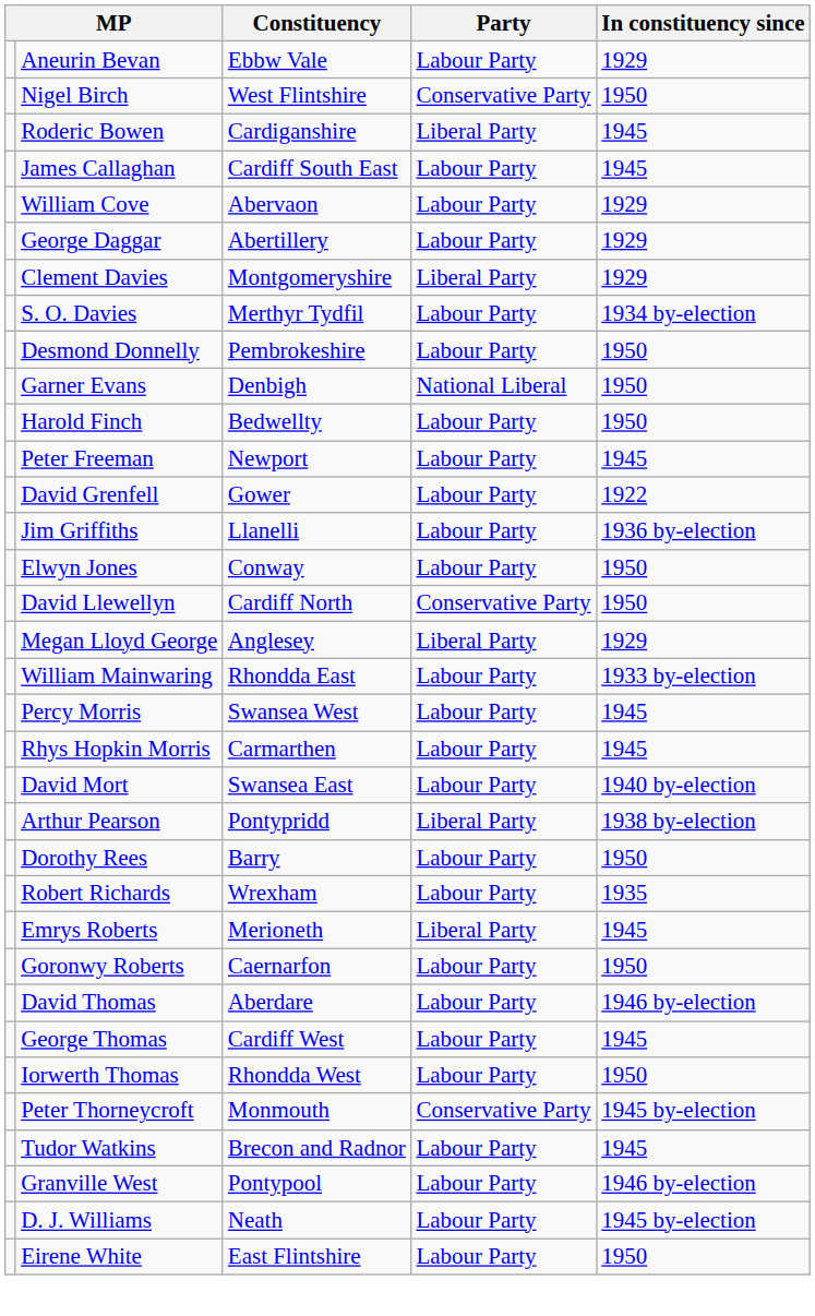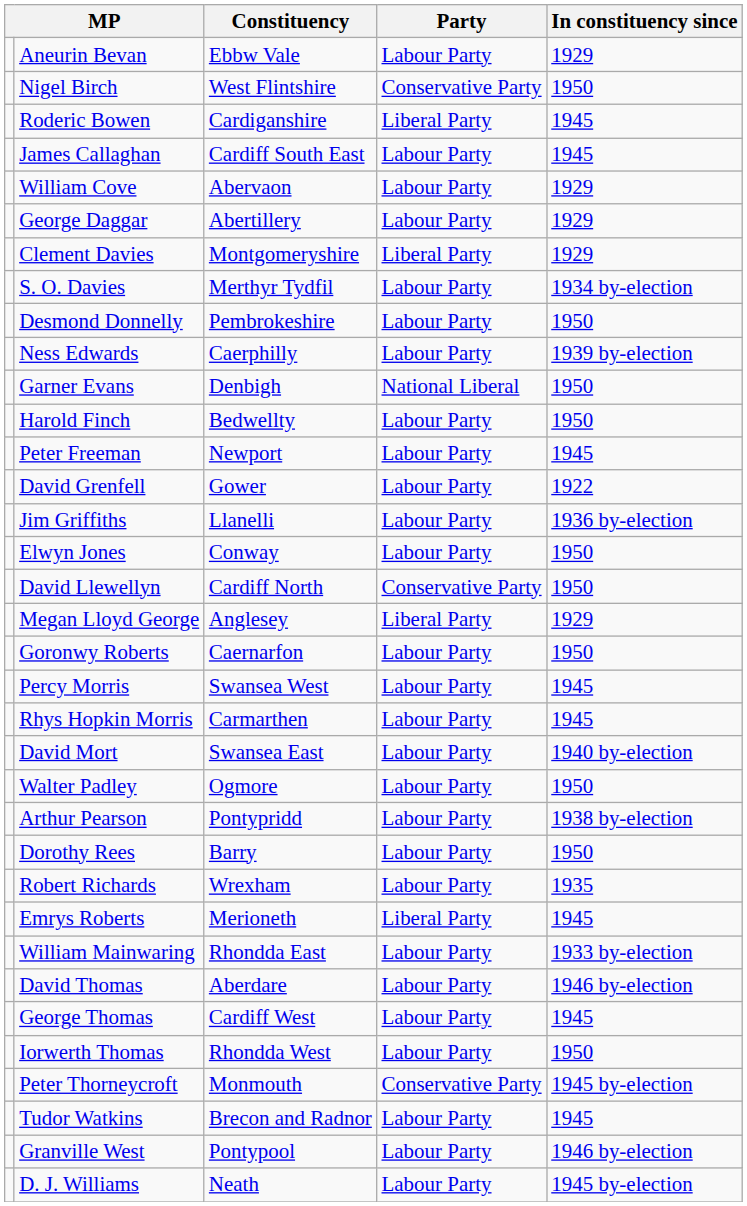 <table class="wikitable sortable">
 <tr>
 <th colspan="2">MP</th>
 <th>Constituency</th>
 <th>Party</th>
 <th>In constituency since</th>
 </tr>
 <tr>
 <td style="color:inherit;background-color: "></td>
 <td><a href='#'>Aneurin Bevan</a></td>
 <td><a href='#'>Ebbw Vale</a></td>
 <td><a href='#'>Labour Party</a></td>
 <td><a href='#'>1929</a></td>
 </tr>
 <tr>
 <td style="color:inherit;background-color: "></td>
 <td><a href='#'>Nigel Birch</a></td>
 <td><a href='#'>West Flintshire</a></td>
 <td><a href='#'>Conservative Party</a></td>
 <td><a href='#'>1950</a></td>
 </tr>
 <tr>
 <td style="color:inherit;background-color: "></td>
 <td><a href='#'>Roderic Bowen</a></td>
 <td><a href='#'>Cardiganshire</a></td>
 <td><a href='#'>Liberal Party</a></td>
 <td><a href='#'>1945</a></td>
 </tr>
 <tr>
 <td style="color:inherit;background-color: "></td>
 <td><a href='#'>James Callaghan</a></td>
 <td><a href='#'>Cardiff South East</a></td>
 <td><a href='#'>Labour Party</a></td>
 <td><a href='#'>1945</a></td>
 </tr>
 <tr>
 <td style="color:inherit;background-color: "></td>
 <td><a href='#'>William Cove</a></td>
 <td><a href='#'>Abervaon</a></td>
 <td><a href='#'>Labour Party</a></td>
 <td><a href='#'>1929</a></td>
 </tr>
 <tr>
 <td style="color:inherit;background-color: "></td>
 <td><a href='#'>George Daggar</a></td>
 <td><a href='#'>Abertillery</a></td>
 <td><a href='#'>Labour Party</a></td>
 <td><a href='#'>1929</a></td>
 </tr>
 <tr>
 <td style="color:inherit;background-color: "></td>
 <td><a href='#'>Clement Davies</a></td>
 <td><a href='#'>Montgomeryshire</a></td>
 <td><a href='#'>Liberal Party</a></td>
 <td><a href='#'>1929</a></td>
 </tr>
 <tr>
 <td style="color:inherit;background-color: "></td>
 <td><a href='#'>S. O. Davies</a></td>
 <td><a href='#'>Merthyr Tydfil</a></td>
 <td><a href='#'>Labour Party</a></td>
 <td><a href='#'>1934 by-election</a></td>
 </tr>
 <tr>
 <td style="color:inherit;background-color: "></td>
 <td><a href='#'>Desmond Donnelly</a></td>
 <td><a href='#'>Pembrokeshire</a></td>
 <td><a href='#'>Labour Party</a></td>
 <td><a href='#'>1950</a></td>
 </tr>
 <tr>
 <td style="color:inherit;background-color: "></td>
+<td><a href='#'>Ness Edwards</a></td>
+<td><a href='#'>Caerphilly</a></td>
+<td><a href='#'>Labour Party</a></td>
+<td><a href='#'>1939 by-election</a></td>
+</tr>
+<tr>
+<td style="color:inherit;background-color: "></td>
 <td><a href='#'>Garner Evans</a></td>
 <td><a href='#'>Denbigh</a></td>
 <td><a href='#'>National Liberal</a></td>
 <td><a href='#'>1950</a></td>
 </tr>
 <tr>
 <td style="color:inherit;background-color: "></td>
 <td><a href='#'>Harold Finch</a></td>
 <td><a href='#'>Bedwellty</a></td>
 <td><a href='#'>Labour Party</a></td>
 <td><a href='#'>1950</a></td>
 </tr>
 <tr>
 <td style="color:inherit;background-color: "></td>
 <td><a href='#'>Peter Freeman</a></td>
 <td><a href='#'>Newport</a></td>
 <td><a href='#'>Labour Party</a></td>
 <td><a href='#'>1945</a></td>
 </tr>
 <tr>
 <td style="color:inherit;background-color: "></td>
 <td><a href='#'>David Grenfell</a></td>
 <td><a href='#'>Gower</a></td>
 <td><a href='#'>Labour Party</a></td>
 <td><a href='#'>1922</a></td>
 </tr>
 <tr>
 <td style="color:inherit;background-color: "></td>
 <td><a href='#'>Jim Griffiths</a></td>
 <td><a href='#'>Llanelli</a></td>
 <td><a href='#'>Labour Party</a></td>
 <td><a href='#'>1936 by-election</a></td>
 </tr>
 <tr>
 <td style="color:inherit;background-color: "></td>
 <td><a href='#'>Elwyn Jones</a></td>
 <td><a href='#'>Conway</a></td>
 <td><a href='#'>Labour Party</a></td>
 <td><a href='#'>1950</a></td>
 </tr>
 <tr>
 <td style="color:inherit;background-color: "></td>
 <td><a href='#'>David Llewellyn</a></td>
 <td><a href='#'>Cardiff North</a></td>
 <td><a href='#'>Conservative Party</a></td>
 <td><a href='#'>1950</a></td>
 </tr>
 <tr>
 <td style="color:inherit;background-color: "></td>
 <td><a href='#'>Megan Lloyd George</a></td>
 <td><a href='#'>Anglesey</a></td>
 <td><a href='#'>Liberal Party</a></td>
 <td><a href='#'>1929</a></td>
 </tr>
 <tr>
 <td style="color:inherit;background-color: "></td>
-<td><a href='#'>William Mainwaring</a></td>
-<td><a href='#'>Rhondda East</a></td>
+<td><a href='#'>Goronwy Roberts</a></td>
+<td><a href='#'>Caernarfon</a></td>
 <td><a href='#'>Labour Party</a></td>
-<td><a href='#'>1933 by-election</a></td>
+<td><a href='#'>1950</a></td>
 </tr>
 <tr>
 <td style="color:inherit;background-color: "></td>
 <td><a href='#'>Percy Morris</a></td>
 <td><a href='#'>Swansea West</a></td>
 <td><a href='#'>Labour Party</a></td>
 <td><a href='#'>1945</a></td>
 </tr>
 <tr>
 <td style="color:inherit;background-color: "></td>
 <td><a href='#'>Rhys Hopkin Morris</a></td>
 <td><a href='#'>Carmarthen</a></td>
 <td><a href='#'>Labour Party</a></td>
 <td><a href='#'>1945</a></td>
 </tr>
 <tr>
 <td style="color:inherit;background-color: "></td>
 <td><a href='#'>David Mort</a></td>
 <td><a href='#'>Swansea East</a></td>
 <td><a href='#'>Labour Party</a></td>
 <td><a href='#'>1940 by-election</a></td>
 </tr>
 <tr>
 <td style="color:inherit;background-color: "></td>
+<td><a href='#'>Walter Padley</a></td>
+<td><a href='#'>Ogmore</a></td>
+<td><a href='#'>Labour Party</a></td>
+<td><a href='#'>1950</a></td>
+</tr>
+<tr>
+<td style="color:inherit;background-color: "></td>
 <td><a href='#'>Arthur Pearson</a></td>
 <td><a href='#'>Pontypridd</a></td>
-<td><a href='#'>Liberal Party</a></td>
+<td><a href='#'>Labour Party</a></td>
 <td><a href='#'>1938 by-election</a></td>
 </tr>
 <tr>
 <td style="color:inherit;background-color: "></td>
 <td><a href='#'>Dorothy Rees</a></td>
 <td><a href='#'>Barry</a></td>
 <td><a href='#'>Labour Party</a></td>
 <td><a href='#'>1950</a></td>
 </tr>
 <tr>
 <td style="color:inherit;background-color: "></td>
 <td><a href='#'>Robert Richards</a></td>
 <td><a href='#'>Wrexham</a></td>
 <td><a href='#'>Labour Party</a></td>
 <td><a href='#'>1935</a></td>
 </tr>
 <tr>
 <td style="color:inherit;background-color: "></td>
 <td><a href='#'>Emrys Roberts</a></td>
 <td><a href='#'>Merioneth</a></td>
 <td><a href='#'>Liberal Party</a></td>
 <td><a href='#'>1945</a></td>
 </tr>
 <tr>
 <td style="color:inherit;background-color: "></td>
-<td><a href='#'>Goronwy Roberts</a></td>
-<td><a href='#'>Caernarfon</a></td>
+<td><a href='#'>William Mainwaring</a></td>
+<td><a href='#'>Rhondda East</a></td>
 <td><a href='#'>Labour Party</a></td>
-<td><a href='#'>1950</a></td>
+<td><a href='#'>1933 by-election</a></td>
 </tr>
 <tr>
 <td style="color:inherit;background-color: "></td>
 <td><a href='#'>David Thomas</a></td>
 <td><a href='#'>Aberdare</a></td>
 <td><a href='#'>Labour Party</a></td>
 <td><a href='#'>1946 by-election</a></td>
 </tr>
 <tr>
 <td style="color:inherit;background-color: "></td>
 <td><a href='#'>George Thomas</a></td>
 <td><a href='#'>Cardiff West</a></td>
 <td><a href='#'>Labour Party</a></td>
 <td><a href='#'>1945</a></td>
 </tr>
 <tr>
 <td style="color:inherit;background-color: "></td>
 <td><a href='#'>Iorwerth Thomas</a></td>
 <td><a href='#'>Rhondda West</a></td>
 <td><a href='#'>Labour Party</a></td>
 <td><a href='#'>1950</a></td>
 </tr>
 <tr>
 <td style="color:inherit;background-color: "></td>
 <td><a href='#'>Peter Thorneycroft</a></td>
 <td><a href='#'>Monmouth</a></td>
 <td><a href='#'>Conservative Party</a></td>
 <td><a href='#'>1945 by-election</a></td>
 </tr>
 <tr>
 <td style="color:inherit;background-color: "></td>
 <td><a href='#'>Tudor Watkins</a></td>
 <td><a href='#'>Brecon and Radnor</a></td>
 <td><a href='#'>Labour Party</a></td>
 <td><a href='#'>1945</a></td>
 </tr>
 <tr>
 <td style="color:inherit;background-color: "></td>
 <td><a href='#'>Granville West</a></td>
 <td><a href='#'>Pontypool</a></td>
 <td><a href='#'>Labour Party</a></td>
 <td><a href='#'>1946 by-election</a></td>
 </tr>
 <tr>
 <td style="color:inherit;background-color: "></td>
 <td><a href='#'>D. J. Williams</a></td>
 <td><a href='#'>Neath</a></td>
 <td><a href='#'>Labour Party</a></td>
 <td><a href='#'>1945 by-election</a></td>
 </tr>
-<tr>
-<td style="color:inherit;background-color: "></td>
-<td><a href='#'>Eirene White</a></td>
-<td><a href='#'>East Flintshire</a></td>
-<td><a href='#'>Labour Party</a></td>
-<td><a href='#'>1950</a></td>
-</tr>
 </table>
